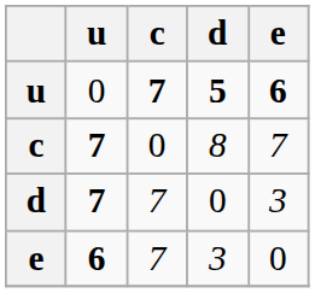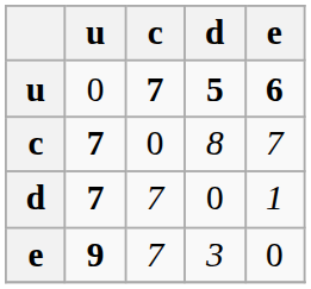 <table class="wikitable" style="text-align: center">
 <tr>
 <th style="width: 20px;"></th>
 <th style="width: 20px;">u</th>
 <th style="width: 20px;">c</th>
 <th style="width: 20px;">d</th>
 <th style="width: 20px;">e</th>
 </tr>
 <tr>
 <th>u</th>
 <td>0</td>
 <td><strong>7</strong></td>
 <td><strong>5</strong></td>
 <td><strong>6</strong></td>
 </tr>
 <tr>
 <th>c</th>
 <td><strong>7</strong></td>
 <td>0</td>
 <td><em>8</em></td>
 <td><em>7</em></td>
 </tr>
 <tr>
 <th>d</th>
 <td><strong>7</strong></td>
 <td><em>7</em></td>
 <td>0</td>
-<td><em>3</em></td>
+<td><em>1</em></td>
 </tr>
 <tr>
 <th>e</th>
-<td><strong>6</strong></td>
+<td><strong>9</strong></td>
 <td><em>7</em></td>
 <td><em>3</em></td>
 <td>0</td>
 </tr>
 <tr>
 </tr>
 </table>
